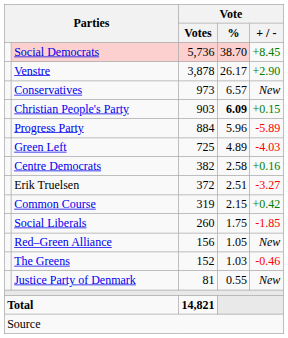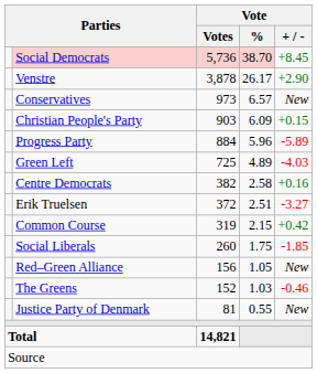 <table class="wikitable" style="text-align:right;">
 <tr>
 <th style="text-align:centre;" rowspan="2" colspan="2" width="225">Parties</th>
 <th colspan="3">Vote</th>
 </tr>
 <tr>
 <th width="15">Votes</th>
 <th width="15">%</th>
 <th width="15">+ / -</th>
 </tr>
 <tr>
 <td width="2" style="color:inherit;background:"></td>
 <td bgcolor=#fbd0ce  align="left"><a href='#'>Social Democrats</a></td>
 <td bgcolor=#fbd0ce>5,736</td>
 <td bgcolor=#fbd0ce>38.70</td>
 <td style=color:green;>+8.45</td>
 </tr>
 <tr>
 <td width="2" style="color:inherit;background:"></td>
 <td align="left"><a href='#'>Venstre</a></td>
 <td>3,878</td>
 <td>26.17</td>
 <td style=color:green;>+2.90</td>
 </tr>
 <tr>
 <td width="2" style="color:inherit;background:"></td>
 <td align="left"><a href='#'>Conservatives</a></td>
 <td>973</td>
 <td>6.57</td>
 <td><em>New</em></td>
 </tr>
 <tr>
 <td width="2" style="color:inherit;background:"></td>
 <td align="left"><a href='#'>Christian People's Party</a></td>
 <td>903</td>
-<td><strong>6.09</strong></td>
+<td>6.09</td>
 <td style=color:green;>+0.15</td>
 </tr>
 <tr>
 <td width="2" style="color:inherit;background:"></td>
 <td align="left"><a href='#'>Progress Party</a></td>
 <td>884</td>
 <td>5.96</td>
 <td style=color:red;>-5.89</td>
 </tr>
 <tr>
 <td width="2" style="color:inherit;background:"></td>
 <td align="left"><a href='#'>Green Left</a></td>
 <td>725</td>
 <td>4.89</td>
 <td style=color:red;>-4.03</td>
 </tr>
 <tr>
 <td width="2" style="color:inherit;background:"></td>
 <td align="left"><a href='#'>Centre Democrats</a></td>
 <td>382</td>
 <td>2.58</td>
 <td style=color:green;>+0.16</td>
 </tr>
 <tr>
 <td width="2" style="color:inherit;background:"></td>
 <td align="left">Erik Truelsen</td>
 <td>372</td>
 <td>2.51</td>
 <td style=color:red;>-3.27</td>
 </tr>
 <tr>
 <td width="2" style="color:inherit;background:"></td>
 <td align="left"><a href='#'>Common Course</a></td>
 <td>319</td>
 <td>2.15</td>
 <td style=color:green;>+0.42</td>
 </tr>
 <tr>
 <td width="2" style="color:inherit;background:"></td>
 <td align="left"><a href='#'>Social Liberals</a></td>
 <td>260</td>
 <td>1.75</td>
 <td style=color:red;>-1.85</td>
 </tr>
 <tr>
 <td width="2" style="color:inherit;background:"></td>
 <td align="left"><a href='#'>Red–Green Alliance</a></td>
 <td>156</td>
 <td>1.05</td>
 <td><em>New</em></td>
 </tr>
 <tr>
 <td width="2" style="color:inherit;background:"></td>
 <td align="left"><a href='#'>The Greens</a></td>
 <td>152</td>
 <td>1.03</td>
 <td style=color:red;>-0.46</td>
 </tr>
 <tr>
 <td width="2" style="color:inherit;background:"></td>
 <td align="left"><a href='#'>Justice Party of Denmark</a></td>
 <td>81</td>
 <td>0.55</td>
 <td><em>New</em></td>
 </tr>
 <tr>
 <td colspan="7" bgcolor="#E9E9E9"></td>
 </tr>
 <tr>
 <td align="left" colspan="2"><strong>Total</strong></td>
 <td><strong>14,821</strong></td>
 <td bgcolor="#E9E9E9" colspan="2"></td>
 </tr>
 <tr>
 <td align="left" colspan="6">Source</td>
 </tr>
 </table>
